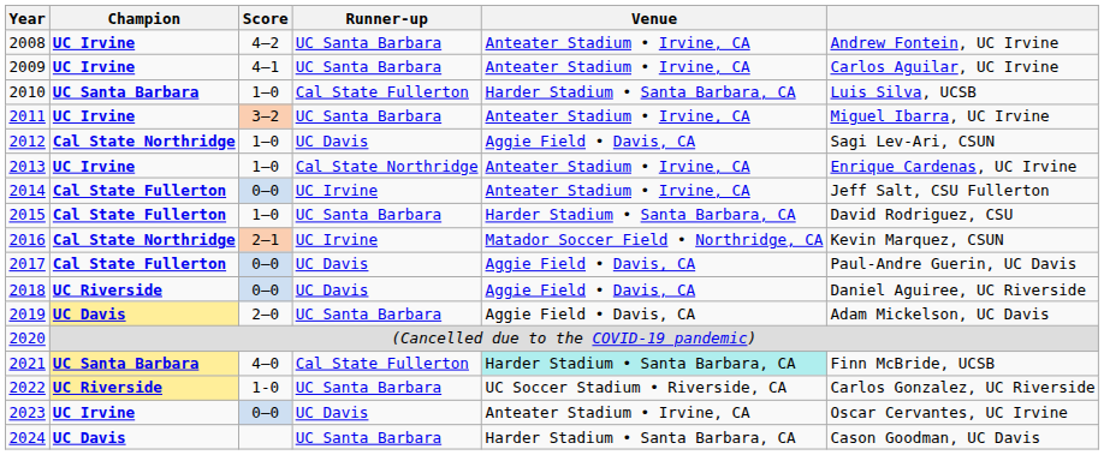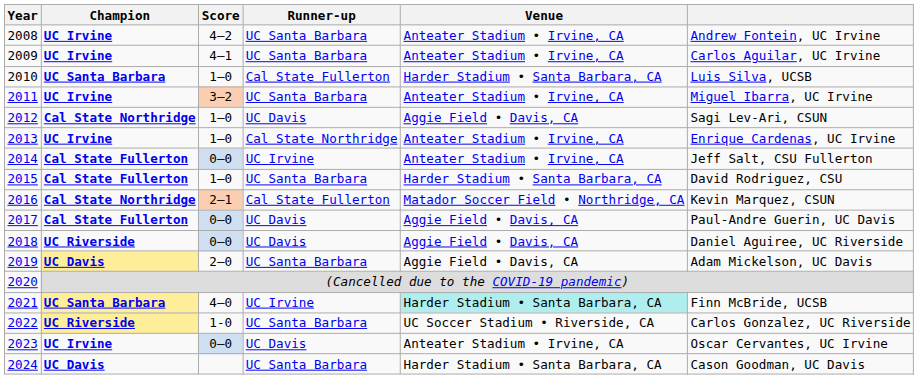 <table class="wikitable sortable">
 <tr>
 <th width=px>Year</th>
 <th width=px>Champion</th>
 <th width=px>Score</th>
 <th width=px>Runner-up</th>
 <th width=px>Venue</th>
 <th width=px></th>
 </tr>
 <tr>
 <td>2008</td>
 <td><strong><a href='#'>UC Irvine</a></strong> </td>
 <td align=center>4–2</td>
 <td><a href='#'>UC Santa Barbara</a></td>
 <td><a href='#'>Anteater Stadium</a> • <a href='#'>Irvine, CA</a></td>
 <td> <a href='#'>Andrew Fontein</a>, UC Irvine</td>
 </tr>
 <tr>
 <td>2009</td>
 <td><strong><a href='#'>UC Irvine</a></strong> </td>
 <td align=center>4–1</td>
 <td><a href='#'>UC Santa Barbara</a></td>
 <td><a href='#'>Anteater Stadium</a> • <a href='#'>Irvine, CA</a></td>
 <td> <a href='#'>Carlos Aguilar</a>, UC Irvine</td>
 </tr>
 <tr>
 <td>2010</td>
 <td><strong><a href='#'>UC Santa Barbara</a></strong> </td>
 <td align=center>1–0</td>
 <td><a href='#'>Cal State Fullerton</a></td>
 <td><a href='#'>Harder Stadium</a> • <a href='#'>Santa Barbara, CA</a></td>
 <td> <a href='#'>Luis Silva</a>, UCSB</td>
 </tr>
 <tr>
 <td><a href='#'>2011</a></td>
 <td><strong><a href='#'>UC Irvine</a></strong> </td>
 <td align=center style="background-color:#FBCEB1">3–2 </td>
 <td><a href='#'>UC Santa Barbara</a></td>
 <td><a href='#'>Anteater Stadium</a> • <a href='#'>Irvine, CA</a></td>
 <td> <a href='#'>Miguel Ibarra</a>, UC Irvine</td>
 </tr>
 <tr>
 <td><a href='#'>2012</a></td>
 <td><strong><a href='#'>Cal State Northridge</a></strong> </td>
 <td align=center>1–0</td>
 <td><a href='#'>UC Davis</a></td>
 <td><a href='#'>Aggie Field</a> • <a href='#'>Davis, CA</a></td>
 <td> Sagi Lev-Ari, CSUN</td>
 </tr>
 <tr>
 <td><a href='#'>2013</a></td>
 <td><strong><a href='#'>UC Irvine</a></strong> </td>
 <td align=center>1–0</td>
 <td><a href='#'>Cal State Northridge</a></td>
 <td><a href='#'>Anteater Stadium</a> • <a href='#'>Irvine, CA</a></td>
 <td> <a href='#'>Enrique Cardenas</a>, UC Irvine</td>
 </tr>
 <tr>
 <td><a href='#'>2014</a></td>
 <td><strong><a href='#'>Cal State Fullerton</a></strong> </td>
 <td align=center style="background-color:#cedff2">0–0 </td>
 <td><a href='#'>UC Irvine</a></td>
 <td><a href='#'>Anteater Stadium</a> • <a href='#'>Irvine, CA</a></td>
 <td> Jeff Salt, CSU Fullerton</td>
 </tr>
 <tr>
 <td><a href='#'>2015</a></td>
 <td><strong><a href='#'>Cal State Fullerton</a></strong> </td>
 <td align=center>1–0</td>
 <td><a href='#'>UC Santa Barbara</a></td>
 <td><a href='#'>Harder Stadium</a> • <a href='#'>Santa Barbara, CA</a></td>
 <td> David Rodriguez, CSU</td>
 </tr>
 <tr>
 <td><a href='#'>2016</a></td>
 <td><strong><a href='#'>Cal State Northridge</a></strong> </td>
 <td align=center style="background-color:#FBCEB1">2–1 </td>
-<td><a href='#'>UC Irvine</a></td>
+<td><a href='#'>Cal State Fullerton</a></td>
 <td><a href='#'>Matador Soccer Field</a> • <a href='#'>Northridge, CA</a></td>
 <td> Kevin Marquez, CSUN</td>
 </tr>
 <tr>
 <td><a href='#'>2017</a></td>
 <td><strong><a href='#'>Cal State Fullerton</a></strong> </td>
 <td align=center style="background-color:#cedff2">0–0 </td>
 <td><a href='#'>UC Davis</a></td>
 <td><a href='#'>Aggie Field</a> • <a href='#'>Davis, CA</a></td>
 <td> Paul-Andre Guerin, UC Davis</td>
 </tr>
 <tr>
 <td><a href='#'>2018</a></td>
 <td><strong><a href='#'>UC Riverside</a></strong> </td>
 <td align=center style="background-color:#cedff2">0–0 </td>
 <td><a href='#'>UC Davis</a></td>
 <td><a href='#'>Aggie Field</a> • <a href='#'>Davis, CA</a></td>
 <td> Daniel Aguiree, UC Riverside</td>
 </tr>
 <tr>
 <td><a href='#'>2019</a></td>
 <td bgcolor=#FFEE99><strong><a href='#'>UC Davis</a></strong> </td>
 <td align=center>2–0</td>
 <td><a href='#'>UC Santa Barbara</a></td>
 <td>Aggie Field • Davis, CA</td>
 <td> Adam Mickelson, UC Davis</td>
 </tr>
 <tr>
 <td><a href='#'>2020</a></td>
 <td colspan="5" align="center" bgcolor=#dddddd><em>(Cancelled due to the <a href='#'>COVID-19 pandemic</a>)</em></td>
 </tr>
 <tr>
 <td><a href='#'>2021</a></td>
 <td bgcolor=#FFEE99><strong><a href='#'>UC Santa Barbara</a></strong> </td>
 <td align=center>4–0</td>
-<td><a href='#'>Cal State Fullerton</a></td>
+<td><a href='#'>UC Irvine</a></td>
 <td style="background: paleturquoise;">Harder Stadium • Santa Barbara, CA</td>
 <td> Finn McBride, UCSB</td>
 </tr>
 <tr>
 <td><a href='#'>2022</a></td>
 <td bgcolor=#FFEE99><strong><a href='#'>UC Riverside</a></strong> </td>
 <td align=center>1-0</td>
 <td><a href='#'>UC Santa Barbara</a></td>
 <td>UC Soccer Stadium • Riverside, CA</td>
 <td> Carlos Gonzalez, UC Riverside</td>
 </tr>
 <tr>
 <td><a href='#'>2023</a></td>
 <td><strong><a href='#'>UC Irvine</a></strong> </td>
 <td align=center style="background-color:#cedff2">0–0 </td>
 <td><a href='#'>UC Davis</a></td>
 <td>Anteater Stadium • Irvine, CA</td>
 <td> Oscar Cervantes, UC Irvine</td>
 </tr>
 <tr>
 <td><a href='#'>2024</a></td>
 <td><strong><a href='#'>UC Davis</a></strong> </td>
 <td></td>
 <td><a href='#'>UC Santa Barbara</a></td>
 <td>Harder Stadium • Santa Barbara, CA</td>
 <td> Cason Goodman, UC Davis</td>
 </tr>
 </table>
